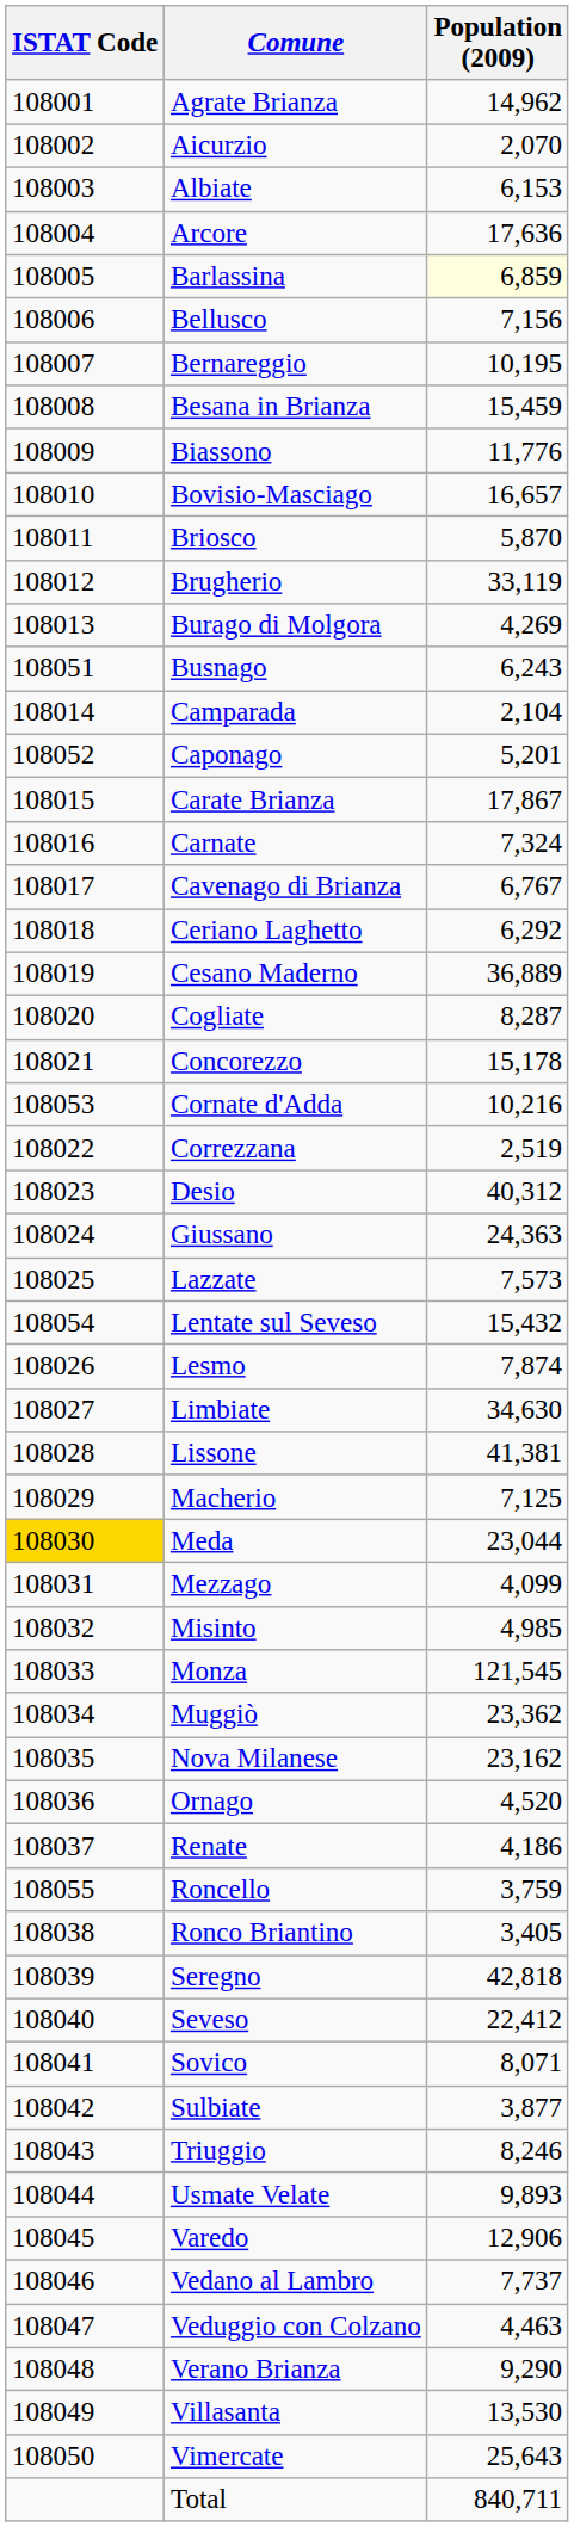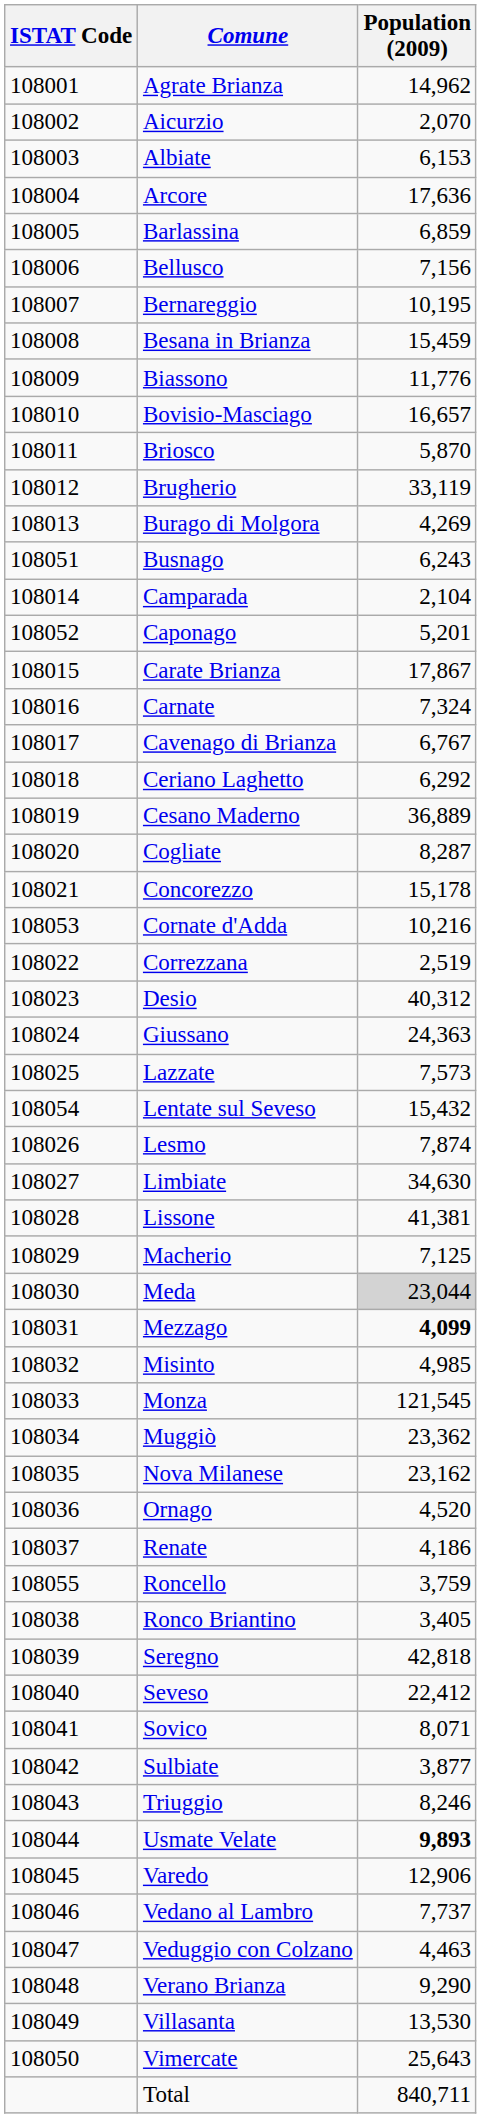 <table class="wikitable sortable">
 <tr>
 <th><a href='#'>ISTAT</a> Code</th>
 <th><em><a href='#'>Comune</a></em></th>
 <th>Population <br>(2009)</th>
 </tr>
 <tr>
 <td>108001</td>
 <td><a href='#'>Agrate Brianza</a></td>
 <td align="right">14,962</td>
 </tr>
 <tr>
 <td>108002</td>
 <td><a href='#'>Aicurzio</a></td>
 <td align="right">2,070</td>
 </tr>
 <tr>
 <td>108003</td>
 <td><a href='#'>Albiate</a></td>
 <td align="right">6,153</td>
 </tr>
 <tr>
 <td>108004</td>
 <td><a href='#'>Arcore</a></td>
 <td align="right">17,636</td>
 </tr>
 <tr>
 <td>108005</td>
 <td><a href='#'>Barlassina</a></td>
-<td align="right" style="background: lightyellow;">6,859</td>
+<td align="right">6,859</td>
 </tr>
 <tr>
 <td>108006</td>
 <td><a href='#'>Bellusco</a></td>
 <td align="right">7,156</td>
 </tr>
 <tr>
 <td>108007</td>
 <td><a href='#'>Bernareggio</a></td>
 <td align="right">10,195</td>
 </tr>
 <tr>
 <td>108008</td>
 <td><a href='#'>Besana in Brianza</a></td>
 <td align="right">15,459</td>
 </tr>
 <tr>
 <td>108009</td>
 <td><a href='#'>Biassono</a></td>
 <td align="right">11,776</td>
 </tr>
 <tr>
 <td>108010</td>
 <td><a href='#'>Bovisio-Masciago</a></td>
 <td align="right">16,657</td>
 </tr>
 <tr>
 <td>108011</td>
 <td><a href='#'>Briosco</a></td>
 <td align="right">5,870</td>
 </tr>
 <tr>
 <td>108012</td>
 <td><a href='#'>Brugherio</a></td>
 <td align="right">33,119</td>
 </tr>
 <tr>
 <td>108013</td>
 <td><a href='#'>Burago di Molgora</a></td>
 <td align="right">4,269</td>
 </tr>
 <tr>
 <td>108051</td>
 <td><a href='#'>Busnago</a></td>
 <td align="right">6,243</td>
 </tr>
 <tr>
 <td>108014</td>
 <td><a href='#'>Camparada</a></td>
 <td align="right">2,104</td>
 </tr>
 <tr>
 <td>108052</td>
 <td><a href='#'>Caponago</a></td>
 <td align="right">5,201</td>
 </tr>
 <tr>
 <td>108015</td>
 <td><a href='#'>Carate Brianza</a></td>
 <td align="right">17,867</td>
 </tr>
 <tr>
 <td>108016</td>
 <td><a href='#'>Carnate</a></td>
 <td align="right">7,324</td>
 </tr>
 <tr>
 <td>108017</td>
 <td><a href='#'>Cavenago di Brianza</a></td>
 <td align="right">6,767</td>
 </tr>
 <tr>
 <td>108018</td>
 <td><a href='#'>Ceriano Laghetto</a></td>
 <td align="right">6,292</td>
 </tr>
 <tr>
 <td>108019</td>
 <td><a href='#'>Cesano Maderno</a></td>
 <td align="right">36,889</td>
 </tr>
 <tr>
 <td>108020</td>
 <td><a href='#'>Cogliate</a></td>
 <td align="right">8,287</td>
 </tr>
 <tr>
 <td>108021</td>
 <td><a href='#'>Concorezzo</a></td>
 <td align="right">15,178</td>
 </tr>
 <tr>
 <td>108053</td>
 <td><a href='#'>Cornate d'Adda</a></td>
 <td align="right">10,216</td>
 </tr>
 <tr>
 <td>108022</td>
 <td><a href='#'>Correzzana</a></td>
 <td align="right">2,519</td>
 </tr>
 <tr>
 <td>108023</td>
 <td><a href='#'>Desio</a></td>
 <td align="right">40,312</td>
 </tr>
 <tr>
 <td>108024</td>
 <td><a href='#'>Giussano</a></td>
 <td align="right">24,363</td>
 </tr>
 <tr>
 <td>108025</td>
 <td><a href='#'>Lazzate</a></td>
 <td align="right">7,573</td>
 </tr>
 <tr>
 <td>108054</td>
 <td><a href='#'>Lentate sul Seveso</a></td>
 <td align="right">15,432</td>
 </tr>
 <tr>
 <td>108026</td>
 <td><a href='#'>Lesmo</a></td>
 <td align="right">7,874</td>
 </tr>
 <tr>
 <td>108027</td>
 <td><a href='#'>Limbiate</a></td>
 <td align="right">34,630</td>
 </tr>
 <tr>
 <td>108028</td>
 <td><a href='#'>Lissone</a></td>
 <td align="right">41,381</td>
 </tr>
 <tr>
 <td>108029</td>
 <td><a href='#'>Macherio</a></td>
 <td align="right">7,125</td>
 </tr>
 <tr>
-<td style="background: gold;">108030</td>
+<td>108030</td>
 <td><a href='#'>Meda</a></td>
-<td align="right">23,044</td>
+<td align="right" style="background: lightgrey;">23,044</td>
 </tr>
 <tr>
 <td>108031</td>
 <td><a href='#'>Mezzago</a></td>
-<td align="right">4,099</td>
+<td align="right"><strong>4,099</strong></td>
 </tr>
 <tr>
 <td>108032</td>
 <td><a href='#'>Misinto</a></td>
 <td align="right">4,985</td>
 </tr>
 <tr>
 <td>108033</td>
 <td><a href='#'>Monza</a></td>
 <td align="right">121,545</td>
 </tr>
 <tr>
 <td>108034</td>
 <td><a href='#'>Muggiò</a></td>
 <td align="right">23,362</td>
 </tr>
 <tr>
 <td>108035</td>
 <td><a href='#'>Nova Milanese</a></td>
 <td align="right">23,162</td>
 </tr>
 <tr>
 <td>108036</td>
 <td><a href='#'>Ornago</a></td>
 <td align="right">4,520</td>
 </tr>
 <tr>
 <td>108037</td>
 <td><a href='#'>Renate</a></td>
 <td align="right">4,186</td>
 </tr>
 <tr>
 <td>108055</td>
 <td><a href='#'>Roncello</a></td>
 <td align="right">3,759</td>
 </tr>
 <tr>
 <td>108038</td>
 <td><a href='#'>Ronco Briantino</a></td>
 <td align="right">3,405</td>
 </tr>
 <tr>
 <td>108039</td>
 <td><a href='#'>Seregno</a></td>
 <td align="right">42,818</td>
 </tr>
 <tr>
 <td>108040</td>
 <td><a href='#'>Seveso</a></td>
 <td align="right">22,412</td>
 </tr>
 <tr>
 <td>108041</td>
 <td><a href='#'>Sovico</a></td>
 <td align="right">8,071</td>
 </tr>
 <tr>
 <td>108042</td>
 <td><a href='#'>Sulbiate</a></td>
 <td align="right">3,877</td>
 </tr>
 <tr>
 <td>108043</td>
 <td><a href='#'>Triuggio</a></td>
 <td align="right">8,246</td>
 </tr>
 <tr>
 <td>108044</td>
 <td><a href='#'>Usmate Velate</a></td>
-<td align="right">9,893</td>
+<td align="right"><strong>9,893</strong></td>
 </tr>
 <tr>
 <td>108045</td>
 <td><a href='#'>Varedo</a></td>
 <td align="right">12,906</td>
 </tr>
 <tr>
 <td>108046</td>
 <td><a href='#'>Vedano al Lambro</a></td>
 <td align="right">7,737</td>
 </tr>
 <tr>
 <td>108047</td>
 <td><a href='#'>Veduggio con Colzano</a></td>
 <td align="right">4,463</td>
 </tr>
 <tr>
 <td>108048</td>
 <td><a href='#'>Verano Brianza</a></td>
 <td align="right">9,290</td>
 </tr>
 <tr>
 <td>108049</td>
 <td><a href='#'>Villasanta</a></td>
 <td align="right">13,530</td>
 </tr>
 <tr>
 <td>108050</td>
 <td><a href='#'>Vimercate</a></td>
 <td align="right">25,643</td>
 </tr>
 <tr>
 <td></td>
 <td>Total</td>
 <td align="right">840,711</td>
 </tr>
 </table>
